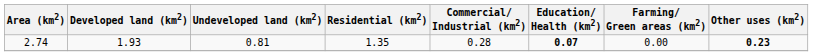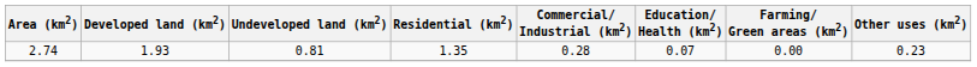 <table class="wikitable" style="text-align: center;">
 <tr>
 <th>Area (km<sup>2</sup>)</th>
 <th>Developed land (km<sup>2</sup>)</th>
 <th>Undeveloped land (km<sup>2</sup>)</th>
 <th>Residential (km<sup>2</sup>)</th>
 <th>Commercial/<br> Industrial (km<sup>2</sup>)</th>
 <th>Education/<br> Health (km<sup>2</sup>)</th>
 <th>Farming/<br> Green areas (km<sup>2</sup>)</th>
 <th>Other uses (km<sup>2</sup>)</th>
 </tr>
 <tr>
 <td>2.74</td>
 <td>1.93</td>
 <td>0.81</td>
 <td>1.35</td>
 <td>0.28</td>
-<td><strong>0.07</strong></td>
+<td>0.07</td>
 <td>0.00</td>
-<td><strong>0.23</strong></td>
+<td>0.23</td>
 </tr>
 <tr>
 </tr>
 </table>
